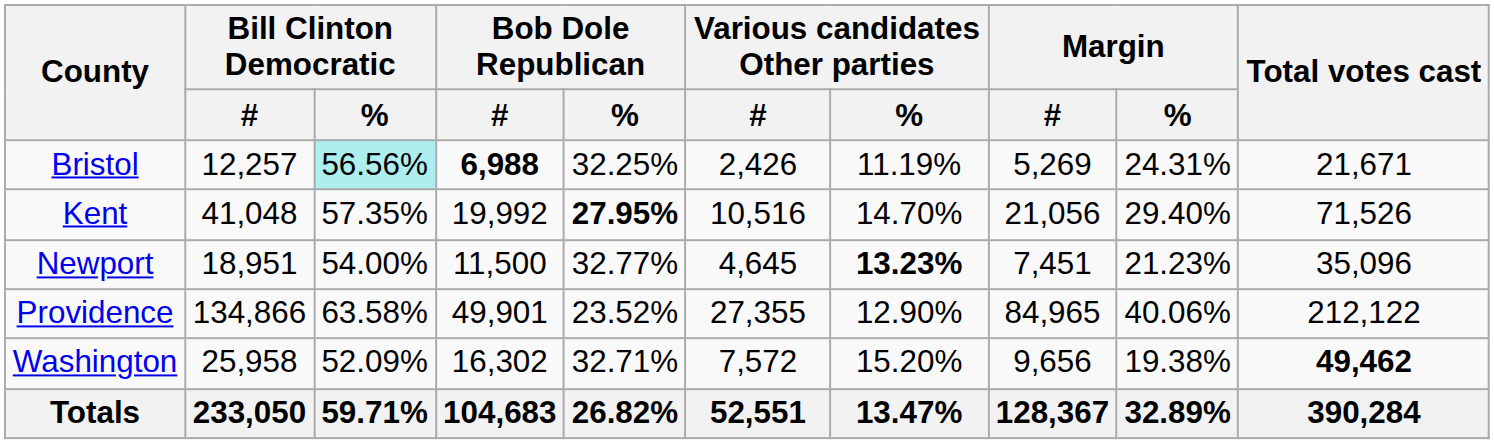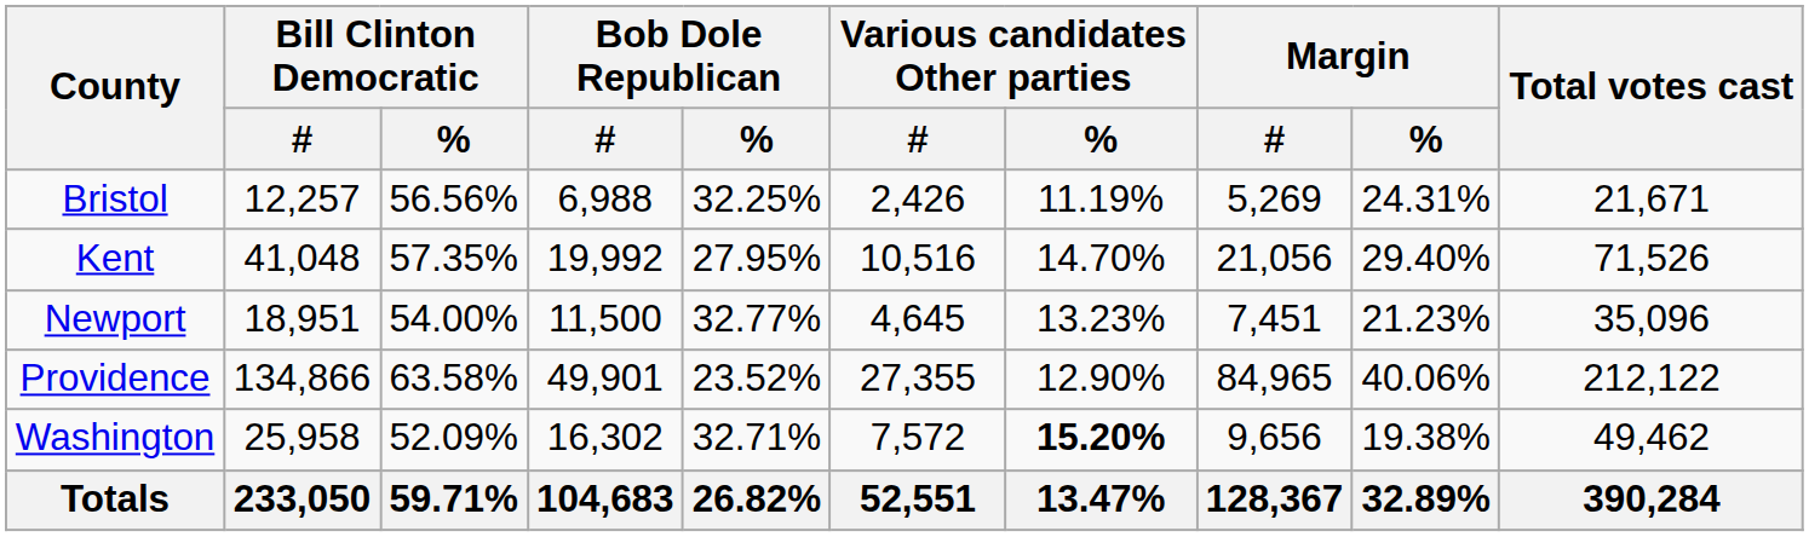 <table width="60%"  class="wikitable sortable" style="text-align:center">
 <tr>
 <th style="text-align:center;" rowspan="2">County</th>
 <th style="text-align:center;" colspan="2">Bill Clinton<br>Democratic</th>
 <th style="text-align:center;" colspan="2">Bob Dole<br>Republican</th>
 <th style="text-align:center;" colspan="2">Various candidates<br>Other parties</th>
 <th style="text-align:center;" colspan="2">Margin</th>
 <th style="text-align:center;" rowspan="2">Total votes cast</th>
 </tr>
 <tr>
 <th style="text-align:center;" data-sort-type="number">#</th>
 <th style="text-align:center;" data-sort-type="number">%</th>
 <th style="text-align:center;" data-sort-type="number">#</th>
 <th style="text-align:center;" data-sort-type="number">%</th>
 <th style="text-align:center;" data-sort-type="number">#</th>
 <th style="text-align:center;" data-sort-type="number">%</th>
 <th style="text-align:center;" data-sort-type="number">#</th>
 <th style="text-align:center;" data-sort-type="number">%</th>
 </tr>
 <tr style="text-align:center;">
 <td><a href='#'>Bristol</a></td>
 <td>12,257</td>
-<td style="background: paleturquoise;">56.56%</td>
-<td><strong>6,988</strong></td>
+<td>56.56%</td>
+<td>6,988</td>
 <td>32.25%</td>
 <td>2,426</td>
 <td>11.19%</td>
 <td>5,269</td>
 <td>24.31%</td>
 <td>21,671</td>
 </tr>
 <tr style="text-align:center;">
 <td><a href='#'>Kent</a></td>
 <td>41,048</td>
 <td>57.35%</td>
 <td>19,992</td>
-<td><strong>27.95%</strong></td>
+<td>27.95%</td>
 <td>10,516</td>
 <td>14.70%</td>
 <td>21,056</td>
 <td>29.40%</td>
 <td>71,526</td>
 </tr>
 <tr style="text-align:center;">
 <td><a href='#'>Newport</a></td>
 <td>18,951</td>
 <td>54.00%</td>
 <td>11,500</td>
 <td>32.77%</td>
 <td>4,645</td>
-<td><strong>13.23%</strong></td>
+<td>13.23%</td>
 <td>7,451</td>
 <td>21.23%</td>
 <td>35,096</td>
 </tr>
 <tr style="text-align:center;">
 <td><a href='#'>Providence</a></td>
 <td>134,866</td>
 <td>63.58%</td>
 <td>49,901</td>
 <td>23.52%</td>
 <td>27,355</td>
 <td>12.90%</td>
 <td>84,965</td>
 <td>40.06%</td>
 <td>212,122</td>
 </tr>
 <tr style="text-align:center;">
 <td><a href='#'>Washington</a></td>
 <td>25,958</td>
 <td>52.09%</td>
 <td>16,302</td>
 <td>32.71%</td>
 <td>7,572</td>
-<td>15.20%</td>
+<td><strong>15.20%</strong></td>
 <td>9,656</td>
 <td>19.38%</td>
-<td><strong>49,462</strong></td>
+<td>49,462</td>
 </tr>
 <tr>
 <th>Totals</th>
 <th>233,050</th>
 <th>59.71%</th>
 <th>104,683</th>
 <th>26.82%</th>
 <th>52,551</th>
 <th>13.47%</th>
 <th>128,367</th>
 <th>32.89%</th>
 <th>390,284</th>
 </tr>
 </table>
